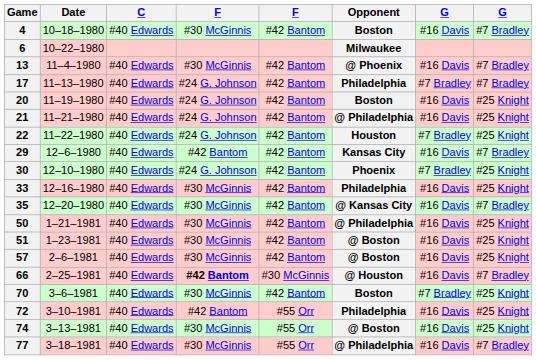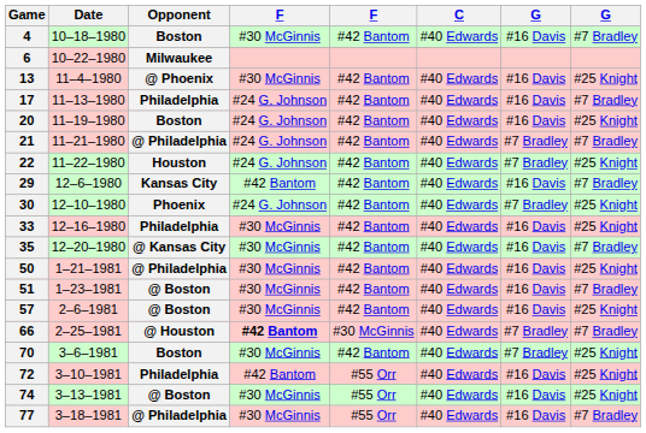 <table class="wikitable">
 <tr>
 <th>Game</th>
 <th>Date</th>
-<th><a href='#'>C</a></th>
+<th>Opponent</th>
 <th><a href='#'>F</a></th>
 <th><a href='#'>F</a></th>
-<th>Opponent</th>
+<th><a href='#'>C</a></th>
 <th><a href='#'>G</a></th>
 <th><a href='#'>G</a></th>
 </tr>
 <tr align="center" bgcolor="#ccffcc">
 <th>4</th>
 <td>10–18–1980</td>
-<td>#40 <a href='#'>Edwards</a></td>
+<th>Boston</th>
 <td>#30 <a href='#'>McGinnis</a></td>
 <td>#42 <a href='#'>Bantom</a></td>
-<th>Boston</th>
+<td>#40 <a href='#'>Edwards</a></td>
 <td>#16 <a href='#'>Davis</a></td>
 <td>#7 <a href='#'>Bradley</a></td>
 </tr>
 <tr align="center" bgcolor="#ffcccc">
 <th>6</th>
 <td>10–22–1980</td>
+<th>Milwaukee</th>
 <td></td>
 <td></td>
 <td></td>
-<th>Milwaukee</th>
 <td></td>
 <td></td>
 </tr>
 <tr align="center" bgcolor="#ffcccc">
 <th>13</th>
 <td>11–4–1980</td>
-<td>#40 <a href='#'>Edwards</a></td>
+<th>@ Phoenix</th>
 <td>#30 <a href='#'>McGinnis</a></td>
 <td>#42 <a href='#'>Bantom</a></td>
-<th>@ Phoenix</th>
+<td>#40 <a href='#'>Edwards</a></td>
 <td>#16 <a href='#'>Davis</a></td>
-<td>#7 <a href='#'>Bradley</a></td>
+<td>#25 <a href='#'>Knight</a></td>
 </tr>
 <tr align="center" bgcolor="#ffcccc">
 <th>17</th>
 <td>11–13–1980</td>
-<td>#40 <a href='#'>Edwards</a></td>
+<th>Philadelphia</th>
 <td>#24 <a href='#'>G. Johnson</a></td>
 <td>#42 <a href='#'>Bantom</a></td>
-<th>Philadelphia</th>
-<td>#7 <a href='#'>Bradley</a></td>
+<td>#40 <a href='#'>Edwards</a></td>
+<td>#16 <a href='#'>Davis</a></td>
 <td>#7 <a href='#'>Bradley</a></td>
 </tr>
 <tr align="center" bgcolor="#ffcccc">
 <th>20</th>
 <td>11–19–1980</td>
-<td>#40 <a href='#'>Edwards</a></td>
+<th>Boston</th>
 <td>#24 <a href='#'>G. Johnson</a></td>
 <td>#42 <a href='#'>Bantom</a></td>
-<th>Boston</th>
+<td>#40 <a href='#'>Edwards</a></td>
 <td>#16 <a href='#'>Davis</a></td>
 <td>#25 <a href='#'>Knight</a></td>
 </tr>
 <tr align="center" bgcolor="#ffcccc">
 <th>21</th>
 <td>11–21–1980</td>
-<td>#40 <a href='#'>Edwards</a></td>
+<th>@ Philadelphia</th>
 <td>#24 <a href='#'>G. Johnson</a></td>
 <td>#42 <a href='#'>Bantom</a></td>
-<th>@ Philadelphia</th>
-<td>#16 <a href='#'>Davis</a></td>
-<td>#25 <a href='#'>Knight</a></td>
+<td>#40 <a href='#'>Edwards</a></td>
+<td>#7 <a href='#'>Bradley</a></td>
+<td>#7 <a href='#'>Bradley</a></td>
 </tr>
 <tr align="center" bgcolor="#ccffcc">
 <th>22</th>
 <td>11–22–1980</td>
-<td>#40 <a href='#'>Edwards</a></td>
+<th>Houston</th>
 <td>#24 <a href='#'>G. Johnson</a></td>
 <td>#42 <a href='#'>Bantom</a></td>
-<th>Houston</th>
+<td>#40 <a href='#'>Edwards</a></td>
 <td>#7 <a href='#'>Bradley</a></td>
 <td>#25 <a href='#'>Knight</a></td>
 </tr>
 <tr align="center" bgcolor="#ccffcc">
 <th>29</th>
 <td>12–6–1980</td>
-<td>#40 <a href='#'>Edwards</a></td>
+<th>Kansas City</th>
 <td>#42 <a href='#'>Bantom</a></td>
 <td>#42 <a href='#'>Bantom</a></td>
-<th>Kansas City</th>
+<td>#40 <a href='#'>Edwards</a></td>
 <td>#16 <a href='#'>Davis</a></td>
 <td>#7 <a href='#'>Bradley</a></td>
 </tr>
 <tr align="center" bgcolor="#ccffcc">
 <th>30</th>
 <td>12–10–1980</td>
-<td>#40 <a href='#'>Edwards</a></td>
+<th>Phoenix</th>
 <td>#24 <a href='#'>G. Johnson</a></td>
 <td>#42 <a href='#'>Bantom</a></td>
-<th>Phoenix</th>
+<td>#40 <a href='#'>Edwards</a></td>
 <td>#7 <a href='#'>Bradley</a></td>
 <td>#25 <a href='#'>Knight</a></td>
 </tr>
 <tr align="center" bgcolor="#ffcccc">
 <th>33</th>
 <td>12–16–1980</td>
-<td>#40 <a href='#'>Edwards</a></td>
+<th>Philadelphia</th>
 <td>#30 <a href='#'>McGinnis</a></td>
 <td>#42 <a href='#'>Bantom</a></td>
-<th>Philadelphia</th>
+<td>#40 <a href='#'>Edwards</a></td>
 <td>#16 <a href='#'>Davis</a></td>
 <td>#25 <a href='#'>Knight</a></td>
 </tr>
 <tr align="center" bgcolor="#ccffcc">
 <th>35</th>
 <td>12–20–1980</td>
-<td>#40 <a href='#'>Edwards</a></td>
+<th>@ Kansas City</th>
 <td>#30 <a href='#'>McGinnis</a></td>
 <td>#42 <a href='#'>Bantom</a></td>
-<th>@ Kansas City</th>
+<td>#40 <a href='#'>Edwards</a></td>
 <td>#16 <a href='#'>Davis</a></td>
 <td>#7 <a href='#'>Bradley</a></td>
 </tr>
 <tr align="center" bgcolor="#ffcccc">
 <th>50</th>
 <td>1–21–1981</td>
-<td>#40 <a href='#'>Edwards</a></td>
+<th>@ Philadelphia</th>
 <td>#30 <a href='#'>McGinnis</a></td>
 <td>#42 <a href='#'>Bantom</a></td>
-<th>@ Philadelphia</th>
+<td>#40 <a href='#'>Edwards</a></td>
 <td>#16 <a href='#'>Davis</a></td>
 <td>#25 <a href='#'>Knight</a></td>
 </tr>
 <tr align="center" bgcolor="#ffcccc">
 <th>51</th>
 <td>1–23–1981</td>
-<td>#40 <a href='#'>Edwards</a></td>
+<th>@ Boston</th>
 <td>#30 <a href='#'>McGinnis</a></td>
 <td>#42 <a href='#'>Bantom</a></td>
-<th>@ Boston</th>
+<td>#40 <a href='#'>Edwards</a></td>
 <td>#16 <a href='#'>Davis</a></td>
-<td>#25 <a href='#'>Knight</a></td>
+<td>#7 <a href='#'>Bradley</a></td>
 </tr>
 <tr align="center" bgcolor="#ffcccc">
 <th>57</th>
 <td>2–6–1981</td>
-<td>#40 <a href='#'>Edwards</a></td>
+<th>@ Boston</th>
 <td>#30 <a href='#'>McGinnis</a></td>
 <td>#42 <a href='#'>Bantom</a></td>
-<th>@ Boston</th>
+<td>#40 <a href='#'>Edwards</a></td>
 <td>#16 <a href='#'>Davis</a></td>
 <td>#25 <a href='#'>Knight</a></td>
 </tr>
 <tr align="center" bgcolor="#ffcccc">
 <th>66</th>
 <td>2–25–1981</td>
-<td>#40 <a href='#'>Edwards</a></td>
+<th>@ Houston</th>
 <td><strong>#42 <a href='#'>Bantom</a></strong></td>
 <td>#30 <a href='#'>McGinnis</a></td>
-<th>@ Houston</th>
-<td>#16 <a href='#'>Davis</a></td>
+<td>#40 <a href='#'>Edwards</a></td>
+<td>#7 <a href='#'>Bradley</a></td>
 <td>#7 <a href='#'>Bradley</a></td>
 </tr>
 <tr align="center" bgcolor="#ccffcc">
 <th>70</th>
 <td>3–6–1981</td>
-<td>#40 <a href='#'>Edwards</a></td>
+<th>Boston</th>
 <td>#30 <a href='#'>McGinnis</a></td>
 <td>#42 <a href='#'>Bantom</a></td>
-<th>Boston</th>
+<td>#40 <a href='#'>Edwards</a></td>
 <td>#7 <a href='#'>Bradley</a></td>
 <td>#25 <a href='#'>Knight</a></td>
 </tr>
 <tr align="center" bgcolor="#ffcccc">
 <th>72</th>
 <td>3–10–1981</td>
-<td>#40 <a href='#'>Edwards</a></td>
+<th>Philadelphia</th>
 <td>#42 <a href='#'>Bantom</a></td>
 <td>#55 <a href='#'>Orr</a></td>
-<th>Philadelphia</th>
+<td>#40 <a href='#'>Edwards</a></td>
 <td>#16 <a href='#'>Davis</a></td>
 <td>#25 <a href='#'>Knight</a></td>
 </tr>
 <tr align="center" bgcolor="#ccffcc">
 <th>74</th>
 <td>3–13–1981</td>
-<td>#40 <a href='#'>Edwards</a></td>
+<th>@ Boston</th>
 <td>#30 <a href='#'>McGinnis</a></td>
 <td>#55 <a href='#'>Orr</a></td>
-<th>@ Boston</th>
+<td>#40 <a href='#'>Edwards</a></td>
 <td>#16 <a href='#'>Davis</a></td>
 <td>#25 <a href='#'>Knight</a></td>
 </tr>
 <tr align="center" bgcolor="#ffcccc">
 <th>77</th>
 <td>3–18–1981</td>
-<td>#40 <a href='#'>Edwards</a></td>
+<th>@ Philadelphia</th>
 <td>#30 <a href='#'>McGinnis</a></td>
 <td>#55 <a href='#'>Orr</a></td>
-<th>@ Philadelphia</th>
+<td>#40 <a href='#'>Edwards</a></td>
 <td>#16 <a href='#'>Davis</a></td>
 <td>#7 <a href='#'>Bradley</a></td>
 </tr>
 </table>
